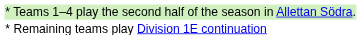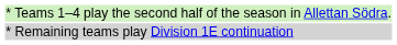 <table>
 <tr style="background: #D0F0C0;">
 <td>* Teams 1–4 play the second half of the season in <a href='#'>Allettan Södra</a>.</td>
 </tr>
 <tr>
-<td>* Remaining teams play <a href='#'>Division 1E continuation</a></td>
+<td style="background: lightgrey;">* Remaining teams play <a href='#'>Division 1E continuation</a></td>
 </tr>
 </table>
